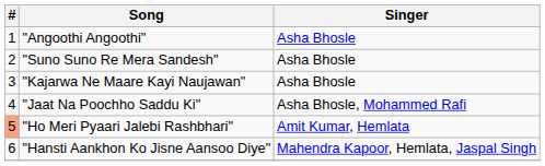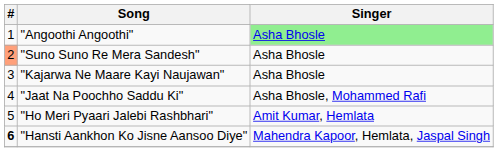 <table class="wikitable">
 <tr>
 <th>#</th>
 <th>Song</th>
 <th>Singer</th>
 </tr>
 <tr>
 <td>1</td>
 <td>"Angoothi Angoothi"</td>
-<td><a href='#'>Asha Bhosle</a></td>
+<td style="background: lightgreen;"><a href='#'>Asha Bhosle</a></td>
 </tr>
 <tr>
-<td>2</td>
+<td style="background: lightsalmon;">2</td>
 <td>"Suno Suno Re Mera Sandesh"</td>
 <td>Asha Bhosle</td>
 </tr>
 <tr>
 <td>3</td>
 <td>"Kajarwa Ne Maare Kayi Naujawan"</td>
 <td>Asha Bhosle</td>
 </tr>
 <tr>
 <td>4</td>
 <td>"Jaat Na Poochho Saddu Ki"</td>
 <td>Asha Bhosle, <a href='#'>Mohammed Rafi</a></td>
 </tr>
 <tr>
-<td style="background: lightsalmon;">5</td>
+<td>5</td>
 <td>"Ho Meri Pyaari Jalebi Rashbhari"</td>
 <td><a href='#'>Amit Kumar</a>, <a href='#'>Hemlata</a></td>
 </tr>
 <tr>
-<td>6</td>
+<td><strong>6</strong></td>
 <td>"Hansti Aankhon Ko Jisne Aansoo Diye"</td>
 <td><a href='#'>Mahendra Kapoor</a>, Hemlata, <a href='#'>Jaspal Singh</a></td>
 </tr>
 <tr>
 </tr>
 </table>
